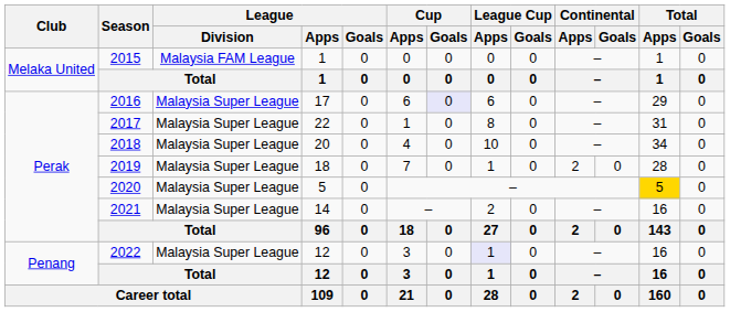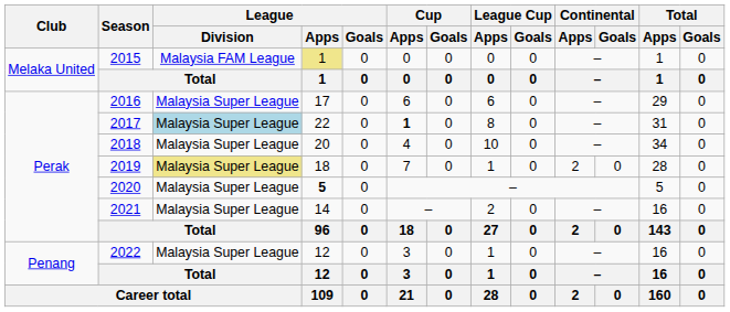 <table class=wikitable style="text-align: center">
 <tr>
 <th rowspan=2>Club</th>
 <th rowspan=2>Season</th>
 <th colspan=3>League</th>
 <th colspan=2>Cup</th>
 <th colspan=2>League Cup</th>
 <th colspan=2>Continental</th>
 <th colspan=2>Total</th>
 </tr>
 <tr>
 <th>Division</th>
 <th>Apps</th>
 <th>Goals</th>
 <th>Apps</th>
 <th>Goals</th>
 <th>Apps</th>
 <th>Goals</th>
 <th>Apps</th>
 <th>Goals</th>
 <th>Apps</th>
 <th>Goals</th>
 </tr>
 <tr>
 <td rowspan=2><a href='#'>Melaka United</a></td>
 <td><a href='#'>2015</a></td>
 <td><a href='#'>Malaysia FAM League</a></td>
-<td>1</td>
+<td style="background: khaki;">1</td>
 <td>0</td>
 <td>0</td>
 <td>0</td>
 <td>0</td>
 <td>0</td>
 <td colspan="2">–</td>
 <td>1</td>
 <td>0</td>
 </tr>
 <tr>
 <th colspan=2>Total</th>
 <th>1</th>
 <th>0</th>
 <th>0</th>
 <th>0</th>
 <th>0</th>
 <th>0</th>
 <th colspan="2">–</th>
 <th>1</th>
 <th>0</th>
 </tr>
 <tr>
 <td rowspan=7><a href='#'>Perak</a></td>
 <td><a href='#'>2016</a></td>
 <td><a href='#'>Malaysia Super League</a></td>
 <td>17</td>
 <td>0</td>
 <td>6</td>
-<td style="background: lavender;">0</td>
+<td>0</td>
 <td>6</td>
 <td>0</td>
 <td colspan="2">–</td>
 <td>29</td>
 <td>0</td>
 </tr>
 <tr>
 <td><a href='#'>2017</a></td>
-<td>Malaysia Super League</td>
+<td style="background: lightblue;">Malaysia Super League</td>
 <td>22</td>
 <td>0</td>
-<td>1</td>
+<td><strong>1</strong></td>
 <td>0</td>
 <td>8</td>
 <td>0</td>
 <td colspan="2">–</td>
 <td>31</td>
 <td>0</td>
 </tr>
 <tr>
 <td><a href='#'>2018</a></td>
 <td>Malaysia Super League</td>
 <td>20</td>
 <td>0</td>
 <td>4</td>
 <td>0</td>
 <td>10</td>
 <td>0</td>
 <td colspan="2">–</td>
 <td>34</td>
 <td>0</td>
 </tr>
 <tr>
 <td><a href='#'>2019</a></td>
-<td>Malaysia Super League</td>
+<td style="background: khaki;">Malaysia Super League</td>
 <td>18</td>
 <td>0</td>
 <td>7</td>
 <td>0</td>
 <td>1</td>
 <td>0</td>
 <td>2</td>
 <td>0</td>
 <td>28</td>
 <td>0</td>
 </tr>
 <tr>
 <td><a href='#'>2020</a></td>
 <td>Malaysia Super League</td>
-<td>5</td>
+<td><strong>5</strong></td>
 <td>0</td>
 <td colspan="6">–</td>
-<td style="background: gold;">5</td>
+<td>5</td>
 <td>0</td>
 </tr>
 <tr>
 <td><a href='#'>2021</a></td>
 <td>Malaysia Super League</td>
 <td>14</td>
 <td>0</td>
 <td colspan="2">–</td>
 <td>2</td>
 <td>0</td>
 <td colspan="2">–</td>
 <td>16</td>
 <td>0</td>
 </tr>
 <tr>
 <th colspan=2>Total</th>
 <th>96</th>
 <th>0</th>
 <th>18</th>
 <th>0</th>
 <th>27</th>
 <th>0</th>
 <th>2</th>
 <th>0</th>
 <th>143</th>
 <th>0</th>
 </tr>
 <tr>
 <td rowspan=2><a href='#'>Penang</a></td>
 <td><a href='#'>2022</a></td>
 <td>Malaysia Super League</td>
 <td>12</td>
 <td>0</td>
 <td>3</td>
 <td>0</td>
-<td style="background: lavender;">1</td>
+<td>1</td>
 <td>0</td>
 <td colspan="2">–</td>
 <td>16</td>
 <td>0</td>
 </tr>
 <tr>
 <th colspan=2>Total</th>
 <th>12</th>
 <th>0</th>
 <th>3</th>
 <th>0</th>
 <th>1</th>
 <th>0</th>
 <th colspan="2">–</th>
 <th>16</th>
 <th>0</th>
 </tr>
 <tr>
 <th colspan=3>Career total</th>
 <th>109</th>
 <th>0</th>
 <th>21</th>
 <th>0</th>
 <th>28</th>
 <th>0</th>
 <th>2</th>
 <th>0</th>
 <th>160</th>
 <th>0</th>
 </tr>
 </table>
